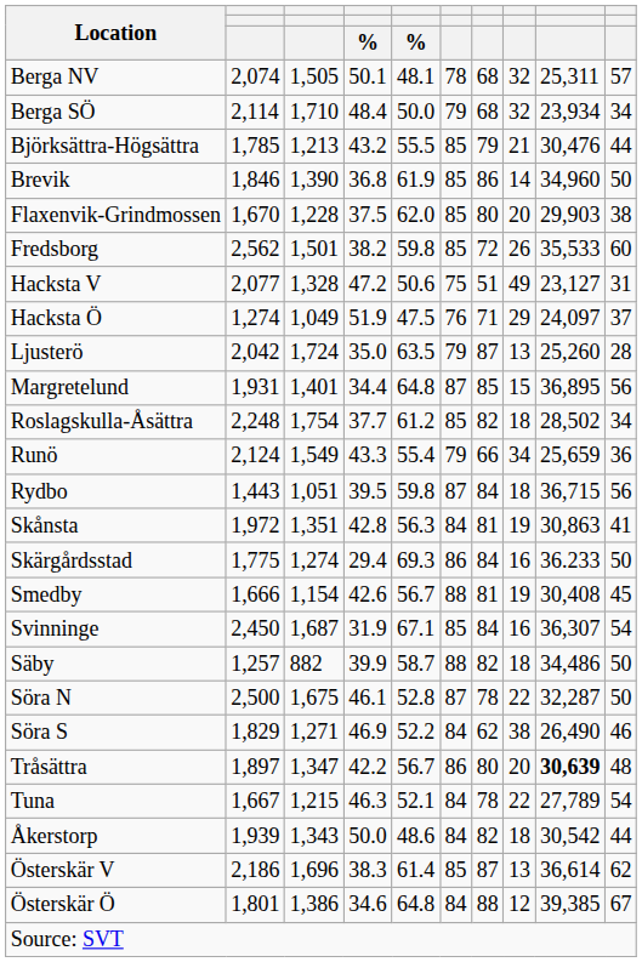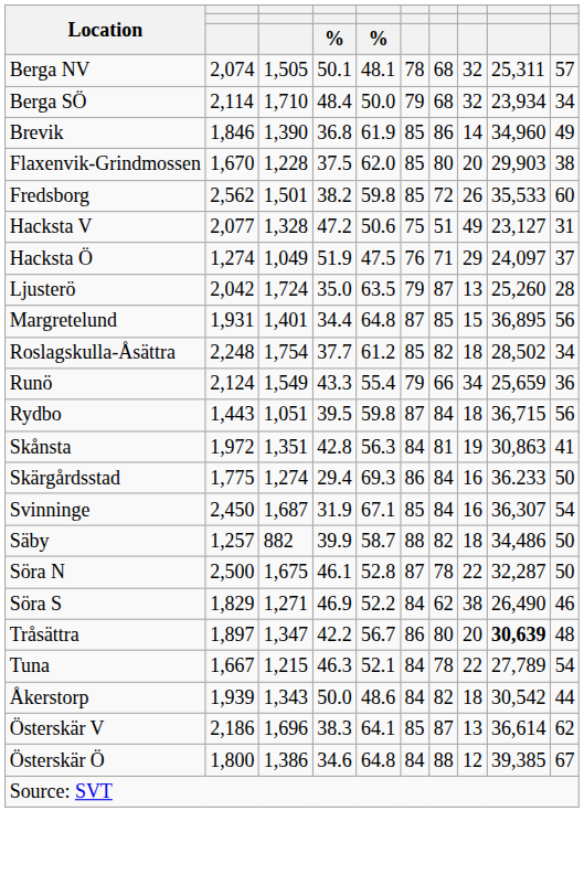 <table role="presentation" class="wikitable sortable mw-collapsible mw-collapsed">
 <tr>
 <th rowspan="3">Location</th>
 <th></th>
 <th></th>
 <th></th>
 <th></th>
 <th></th>
 <th></th>
 <th></th>
 <th></th>
 <th></th>
 </tr>
 <tr>
 <th></th>
 <th></th>
 <th style="background:"></th>
 <th style="background:"></th>
 <th></th>
 <th></th>
 <th></th>
 <th></th>
 <th></th>
 </tr>
 <tr>
 <th data-sort-type="number"></th>
 <th data-sort-type="number"></th>
 <th data-sort-type="number">%</th>
 <th data-sort-type="number">%</th>
 <th data-sort-type="number"></th>
 <th data-sort-type="number"></th>
 <th data-sort-type="number"></th>
 <th data-sort-type="number"></th>
 <th data-sort-type="number"></th>
 </tr>
 <tr>
 <td align="left">Berga NV</td>
 <td>2,074</td>
 <td>1,505</td>
 <td>50.1</td>
 <td>48.1</td>
 <td>78</td>
 <td>68</td>
 <td>32</td>
 <td>25,311</td>
 <td>57</td>
 </tr>
 <tr>
 <td align="left">Berga SÖ</td>
 <td>2,114</td>
 <td>1,710</td>
 <td>48.4</td>
 <td>50.0</td>
 <td>79</td>
 <td>68</td>
 <td>32</td>
 <td>23,934</td>
 <td>34</td>
 </tr>
 <tr>
-<td align="left">Björksättra-Högsättra</td>
-<td>1,785</td>
-<td>1,213</td>
-<td>43.2</td>
-<td>55.5</td>
-<td>85</td>
-<td>79</td>
-<td>21</td>
-<td>30,476</td>
-<td>44</td>
-</tr>
-<tr>
 <td align="left">Brevik</td>
 <td>1,846</td>
 <td>1,390</td>
 <td>36.8</td>
 <td>61.9</td>
 <td>85</td>
 <td>86</td>
 <td>14</td>
 <td>34,960</td>
-<td>50</td>
+<td>49</td>
 </tr>
 <tr>
 <td align="left">Flaxenvik-Grindmossen</td>
 <td>1,670</td>
 <td>1,228</td>
 <td>37.5</td>
 <td>62.0</td>
 <td>85</td>
 <td>80</td>
 <td>20</td>
 <td>29,903</td>
 <td>38</td>
 </tr>
 <tr>
 <td align="left">Fredsborg</td>
 <td>2,562</td>
 <td>1,501</td>
 <td>38.2</td>
 <td>59.8</td>
 <td>85</td>
 <td>72</td>
 <td>26</td>
 <td>35,533</td>
 <td>60</td>
 </tr>
 <tr>
 <td align="left">Hacksta V</td>
 <td>2,077</td>
 <td>1,328</td>
 <td>47.2</td>
 <td>50.6</td>
 <td>75</td>
 <td>51</td>
 <td>49</td>
 <td>23,127</td>
 <td>31</td>
 </tr>
 <tr>
 <td align="left">Hacksta Ö</td>
 <td>1,274</td>
 <td>1,049</td>
 <td>51.9</td>
 <td>47.5</td>
 <td>76</td>
 <td>71</td>
 <td>29</td>
 <td>24,097</td>
 <td>37</td>
 </tr>
 <tr>
 <td align="left">Ljusterö</td>
 <td>2,042</td>
 <td>1,724</td>
 <td>35.0</td>
 <td>63.5</td>
 <td>79</td>
 <td>87</td>
 <td>13</td>
 <td>25,260</td>
 <td>28</td>
 </tr>
 <tr>
 <td align="left">Margretelund</td>
 <td>1,931</td>
 <td>1,401</td>
 <td>34.4</td>
 <td>64.8</td>
 <td>87</td>
 <td>85</td>
 <td>15</td>
 <td>36,895</td>
 <td>56</td>
 </tr>
 <tr>
 <td align="left">Roslagskulla-Åsättra</td>
 <td>2,248</td>
 <td>1,754</td>
 <td>37.7</td>
 <td>61.2</td>
 <td>85</td>
 <td>82</td>
 <td>18</td>
 <td>28,502</td>
 <td>34</td>
 </tr>
 <tr>
 <td align="left">Runö</td>
 <td>2,124</td>
 <td>1,549</td>
 <td>43.3</td>
 <td>55.4</td>
 <td>79</td>
 <td>66</td>
 <td>34</td>
 <td>25,659</td>
 <td>36</td>
 </tr>
 <tr>
 <td align="left">Rydbo</td>
 <td>1,443</td>
 <td>1,051</td>
 <td>39.5</td>
 <td>59.8</td>
 <td>87</td>
 <td>84</td>
 <td>18</td>
 <td>36,715</td>
 <td>56</td>
 </tr>
 <tr>
 <td align="left">Skånsta</td>
 <td>1,972</td>
 <td>1,351</td>
 <td>42.8</td>
 <td>56.3</td>
 <td>84</td>
 <td>81</td>
 <td>19</td>
 <td>30,863</td>
 <td>41</td>
 </tr>
 <tr>
 <td align="left">Skärgårdsstad</td>
 <td>1,775</td>
 <td>1,274</td>
 <td>29.4</td>
 <td>69.3</td>
 <td>86</td>
 <td>84</td>
 <td>16</td>
 <td>36.233</td>
 <td>50</td>
 </tr>
 <tr>
-<td align="left">Smedby</td>
-<td>1,666</td>
-<td>1,154</td>
-<td>42.6</td>
-<td>56.7</td>
-<td>88</td>
-<td>81</td>
-<td>19</td>
-<td>30,408</td>
-<td>45</td>
-</tr>
-<tr>
 <td align="left">Svinninge</td>
 <td>2,450</td>
 <td>1,687</td>
 <td>31.9</td>
 <td>67.1</td>
 <td>85</td>
 <td>84</td>
 <td>16</td>
 <td>36,307</td>
 <td>54</td>
 </tr>
 <tr>
 <td align="left">Säby</td>
 <td>1,257</td>
 <td>882</td>
 <td>39.9</td>
 <td>58.7</td>
 <td>88</td>
 <td>82</td>
 <td>18</td>
 <td>34,486</td>
 <td>50</td>
 </tr>
 <tr>
 <td align="left">Söra N</td>
 <td>2,500</td>
 <td>1,675</td>
 <td>46.1</td>
 <td>52.8</td>
 <td>87</td>
 <td>78</td>
 <td>22</td>
 <td>32,287</td>
 <td>50</td>
 </tr>
 <tr>
 <td align="left">Söra S</td>
 <td>1,829</td>
 <td>1,271</td>
 <td>46.9</td>
 <td>52.2</td>
 <td>84</td>
 <td>62</td>
 <td>38</td>
 <td>26,490</td>
 <td>46</td>
 </tr>
 <tr>
 <td align="left">Tråsättra</td>
 <td>1,897</td>
 <td>1,347</td>
 <td>42.2</td>
 <td>56.7</td>
 <td>86</td>
 <td>80</td>
 <td>20</td>
 <td><strong>30,639</strong></td>
 <td>48</td>
 </tr>
 <tr>
 <td align="left">Tuna</td>
 <td>1,667</td>
 <td>1,215</td>
 <td>46.3</td>
 <td>52.1</td>
 <td>84</td>
 <td>78</td>
 <td>22</td>
 <td>27,789</td>
 <td>54</td>
 </tr>
 <tr>
 <td align="left">Åkerstorp</td>
 <td>1,939</td>
 <td>1,343</td>
 <td>50.0</td>
 <td>48.6</td>
 <td>84</td>
 <td>82</td>
 <td>18</td>
 <td>30,542</td>
 <td>44</td>
 </tr>
 <tr>
 <td align="left">Österskär V</td>
 <td>2,186</td>
 <td>1,696</td>
 <td>38.3</td>
-<td>61.4</td>
+<td>64.1</td>
 <td>85</td>
 <td>87</td>
 <td>13</td>
 <td>36,614</td>
 <td>62</td>
 </tr>
 <tr>
 <td align="left">Österskär Ö</td>
-<td>1,801</td>
+<td>1,800</td>
 <td>1,386</td>
 <td>34.6</td>
 <td>64.8</td>
 <td>84</td>
 <td>88</td>
 <td>12</td>
 <td>39,385</td>
 <td>67</td>
 </tr>
 <tr>
 <td colspan="10" align="left">Source: <a href='#'>SVT</a></td>
 </tr>
 </table>
